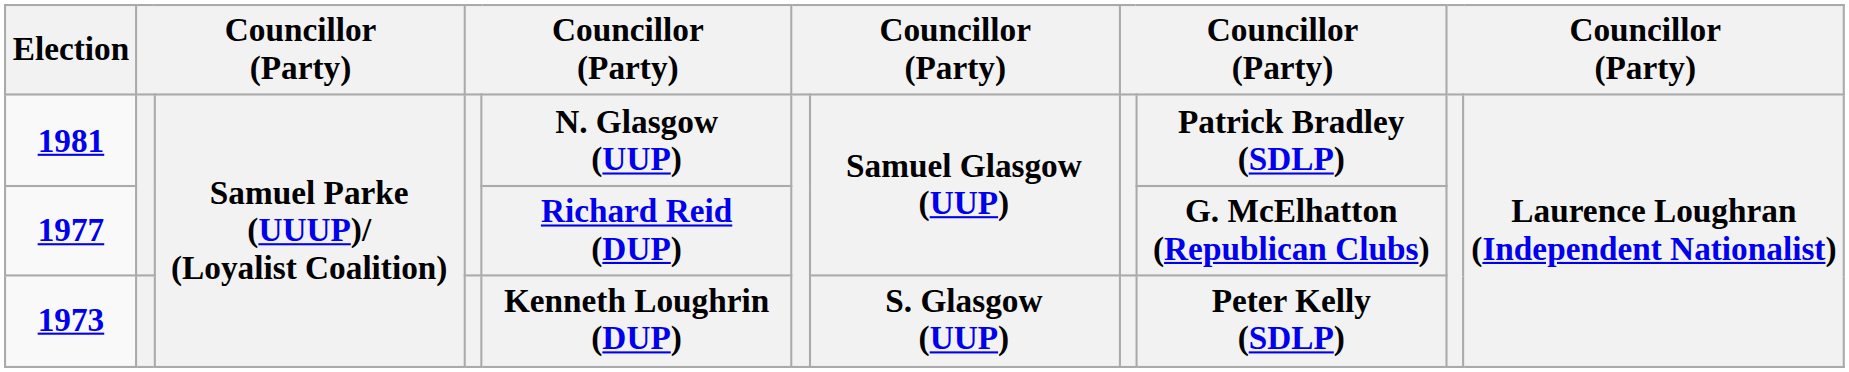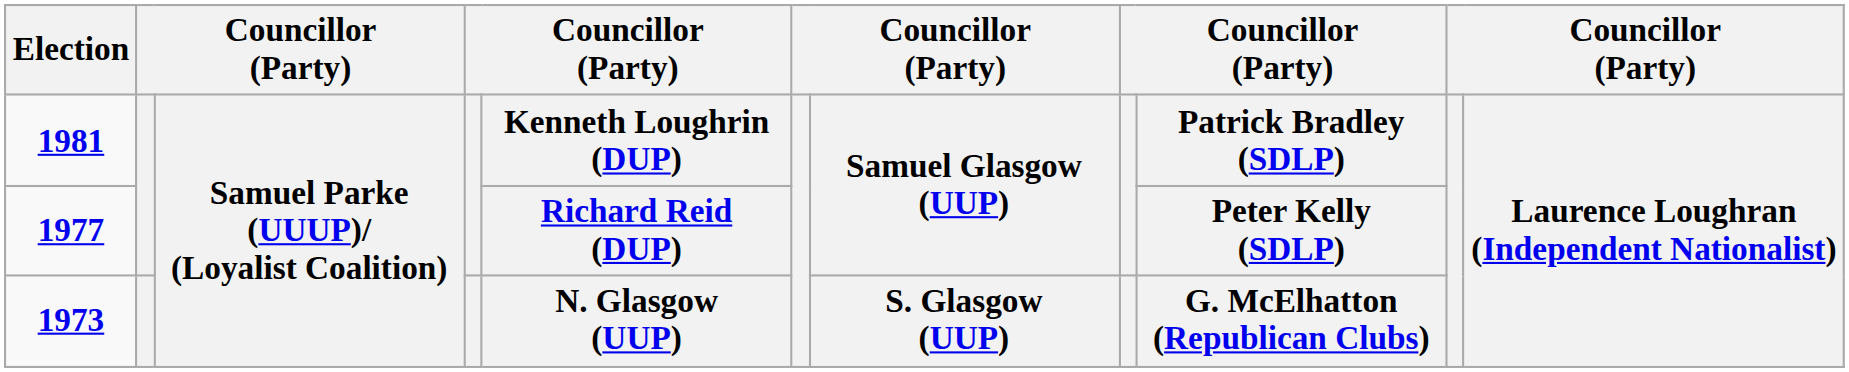 <table class="wikitable" style="text-align:center">
 <tr>
 <th scope="col" width="50">Election</th>
 <th scope="col" width="150" colspan = "2">Councillor<br> (Party)</th>
 <th scope="col" width="150" colspan = "2">Councillor<br> (Party)</th>
 <th scope="col" width="150" colspan = "2">Councillor<br> (Party)</th>
 <th scope="col" width="150" colspan = "2">Councillor<br> (Party)</th>
 <th scope="col" width="150" colspan = "2">Councillor<br> (Party)</th>
 </tr>
 <tr>
 <td><strong><a href='#'>1981</a></strong></td>
 <th rowspan="2" width="1" style="background-color: "></th>
 <th rowspan = "3">Samuel Parke <br> (<a href='#'>UUUP</a>)/ <br> (Loyalist Coalition)</th>
 <th rowspan="2" width="1" style="background-color: "></th>
-<th rowspan = "1">N. Glasgow <br> (<a href='#'>UUP</a>)</th>
+<th rowspan = "1">Kenneth Loughrin <br> (<a href='#'>DUP</a>)</th>
 <th rowspan="3" width="1" style="background-color: "></th>
 <th rowspan = "2">Samuel Glasgow <br> (<a href='#'>UUP</a>)</th>
 <th rowspan="2" width="1" style="background-color: "></th>
 <th rowspan = "1">Patrick Bradley <br> (<a href='#'>SDLP</a>)</th>
 <th rowspan="3" width="1" style="background-color: "></th>
 <th rowspan = "3">Laurence Loughran <br> (<a href='#'>Independent Nationalist</a>)</th>
 </tr>
 <tr>
 <td><strong><a href='#'>1977</a></strong></td>
 <th rowspan = "1"><a href='#'>Richard Reid</a> <br> (<a href='#'>DUP</a>)</th>
-<th rowspan = "1">G. McElhatton <br> (<a href='#'>Republican Clubs</a>)</th>
+<th rowspan = "1">Peter Kelly <br> (<a href='#'>SDLP</a>)</th>
 </tr>
 <tr>
 <td><strong><a href='#'>1973</a></strong></td>
 <th rowspan="1" width="1" style="background-color: "></th>
 <th rowspan="1" width="1" style="background-color: "></th>
-<th rowspan = "1">Kenneth Loughrin <br> (<a href='#'>DUP</a>)</th>
+<th rowspan = "1">N. Glasgow <br> (<a href='#'>UUP</a>)</th>
 <th rowspan = "1">S. Glasgow <br> (<a href='#'>UUP</a>)</th>
 <th rowspan="1" width="1" style="background-color: "></th>
-<th rowspan = "1">Peter Kelly <br> (<a href='#'>SDLP</a>)</th>
+<th rowspan = "1">G. McElhatton <br> (<a href='#'>Republican Clubs</a>)</th>
 </tr>
 </table>
